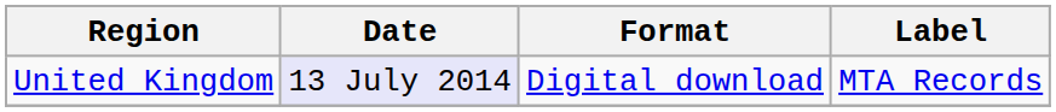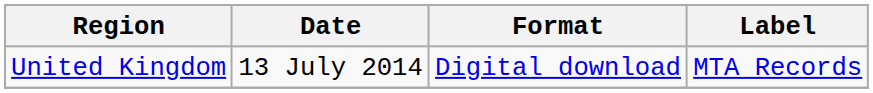 <table class=wikitable>
 <tr>
 <th>Region</th>
 <th>Date</th>
 <th>Format</th>
 <th>Label</th>
 </tr>
 <tr>
 <td><a href='#'>United Kingdom</a></td>
-<td style="background: lavender;">13 July 2014</td>
+<td>13 July 2014</td>
 <td><a href='#'>Digital download</a></td>
 <td><a href='#'>MTA Records</a></td>
 </tr>
 <tr>
 </tr>
 </table>
